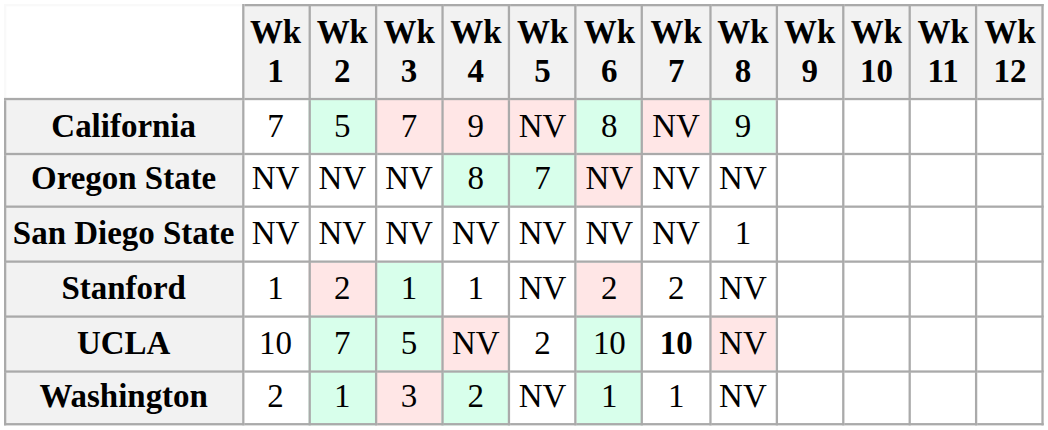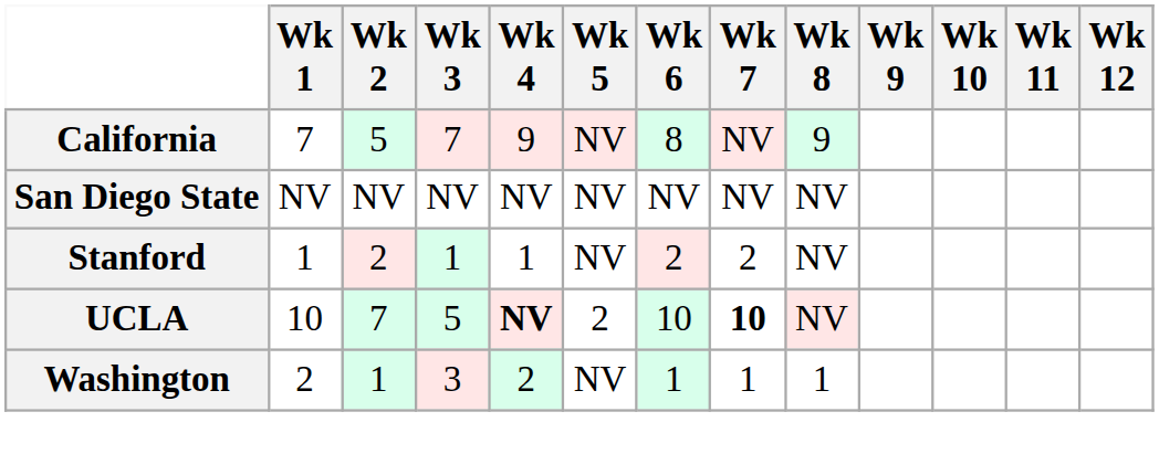 <table class="wikitable" style="white-space:nowrap;font-size:90%;text-align:center;">
 <tr>
 <th style="background:white; border-top-style:hidden; border-left-style:hidden;"> </th>
 <th>Wk<br> 1</th>
 <th>Wk<br>2</th>
 <th>Wk<br>3</th>
 <th>Wk<br>4</th>
 <th>Wk<br>5</th>
 <th>Wk<br>6</th>
 <th>Wk<br>7</th>
 <th>Wk<br>8</th>
 <th>Wk<br>9</th>
 <th>Wk<br>10</th>
 <th>Wk<br>11</th>
 <th>Wk<br>12</th>
 </tr>
 <tr>
 <th>California</th>
 <td style="background:#FFF;">7</td>
 <td style="background:#d8ffeb;">5</td>
 <td style="background:#ffe6e6;">7</td>
 <td style="background:#ffe6e6;">9</td>
 <td style="background:#ffe6e6;">NV</td>
 <td style="background:#d8ffeb;">8</td>
 <td style="background:#ffe6e6;">NV</td>
 <td style="background:#d8ffeb;">9</td>
 <td style="background:#FFF;"></td>
 <td style="background:#FFF;"></td>
 <td style="background:#FFF;"></td>
 <td style="background:#FFF;"></td>
 </tr>
 <tr>
-<th>Oregon State</th>
-<td style="background:#FFF;">NV</td>
-<td style="background:#FFF;">NV</td>
-<td style="background:#FFF;">NV</td>
-<td style="background:#d8ffeb;">8</td>
-<td style="background:#d8ffeb;">7</td>
-<td style="background:#ffe6e6;">NV</td>
-<td style="background:#FFF;">NV</td>
-<td style="background:#FFF;">NV</td>
-<td style="background:#FFF;"></td>
-<td style="background:#FFF;"></td>
-<td style="background:#FFF;"></td>
-<td style="background:#FFF;"></td>
-</tr>
-<tr>
 <th>San Diego State</th>
 <td style="background:#FFF;">NV</td>
 <td style="background:#FFF;">NV</td>
 <td style="background:#FFF;">NV</td>
 <td style="background:#FFF;">NV</td>
 <td style="background:#FFF;">NV</td>
 <td style="background:#FFF;">NV</td>
 <td style="background:#FFF;">NV</td>
-<td style="background:#FFF;">1</td>
+<td style="background:#FFF;">NV</td>
 <td style="background:#FFF;"></td>
 <td style="background:#FFF;"></td>
 <td style="background:#FFF;"></td>
 <td style="background:#FFF;"></td>
 </tr>
 <tr>
 <th>Stanford</th>
 <td style="background:#FFF;">1</td>
 <td style="background:#ffe6e6;">2</td>
 <td style="background:#d8ffeb;">1</td>
 <td style="background:#FFF;">1</td>
 <td style="background:#FFF;">NV</td>
 <td style="background:#ffe6e6;">2</td>
 <td style="background:#FFF;">2</td>
 <td style="background:#FFF;">NV</td>
 <td style="background:#FFF;"></td>
 <td style="background:#FFF;"></td>
 <td style="background:#FFF;"></td>
 <td style="background:#FFF;"></td>
 </tr>
 <tr>
 <th>UCLA</th>
 <td style="background:#FFF;">10</td>
 <td style="background:#d8ffeb;">7</td>
 <td style="background:#d8ffeb;">5</td>
-<td style="background:#ffe6e6;">NV</td>
+<td style="background:#ffe6e6;"><strong>NV</strong></td>
 <td style="background:#FFF;">2</td>
 <td style="background:#d8ffeb;">10</td>
 <td style="background:#FFF;"><strong>10</strong></td>
 <td style="background:#ffe6e6;">NV</td>
 <td style="background:#FFF;"></td>
 <td style="background:#FFF;"></td>
 <td style="background:#FFF;"></td>
 <td style="background:#FFF;"></td>
 </tr>
 <tr>
 <th>Washington</th>
 <td style="background:#FFF;">2</td>
 <td style="background:#d8ffeb;">1</td>
 <td style="background:#ffe6e6;">3</td>
 <td style="background:#d8ffeb;">2</td>
 <td style="background:#FFF;">NV</td>
 <td style="background:#d8ffeb;">1</td>
 <td style="background:#FFF;">1</td>
-<td style="background:#FFF;">NV</td>
+<td style="background:#FFF;">1</td>
 <td style="background:#FFF;"></td>
 <td style="background:#FFF;"></td>
 <td style="background:#FFF;"></td>
 <td style="background:#FFF;"></td>
 </tr>
 </table>
